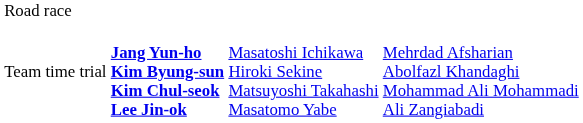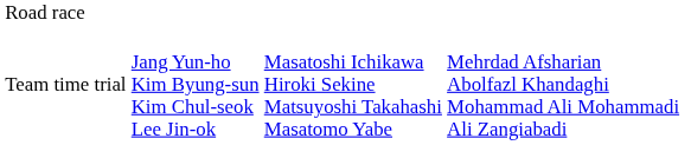 <table>
 <tr>
 <td>Road race</td>
 <td></td>
 <td></td>
 <td></td>
 </tr>
 <tr>
 <td>Team time trial</td>
-<td><strong><br><a href='#'>Jang Yun-ho</a><br><a href='#'>Kim Byung-sun</a><br><a href='#'>Kim Chul-seok</a><br><a href='#'>Lee Jin-ok</a></strong></td>
+<td><br><a href='#'>Jang Yun-ho</a><br><a href='#'>Kim Byung-sun</a><br><a href='#'>Kim Chul-seok</a><br><a href='#'>Lee Jin-ok</a></td>
 <td><br><a href='#'>Masatoshi Ichikawa</a><br><a href='#'>Hiroki Sekine</a><br><a href='#'>Matsuyoshi Takahashi</a><br><a href='#'>Masatomo Yabe</a></td>
 <td><br><a href='#'>Mehrdad Afsharian</a><br><a href='#'>Abolfazl Khandaghi</a><br><a href='#'>Mohammad Ali Mohammadi</a><br><a href='#'>Ali Zangiabadi</a></td>
 </tr>
 </table>
